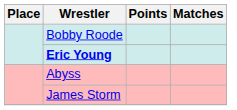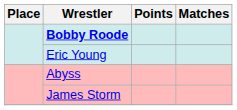 <table class="wikitable sortable">
 <tr>
 <th>Place</th>
 <th>Wrestler</th>
 <th>Points</th>
 <th>Matches</th>
 </tr>
 <tr bgcolor="#cfecec">
 <td rowspan=2></td>
-<td><a href='#'>Bobby Roode</a></td>
+<td><strong><a href='#'>Bobby Roode</a></strong></td>
 <td></td>
 <td></td>
 </tr>
 <tr bgcolor="#cfecec">
-<td><strong><a href='#'>Eric Young</a></strong></td>
+<td><a href='#'>Eric Young</a></td>
 <td></td>
 <td></td>
 </tr>
 <tr bgcolor="#ffbbbb">
 <td rowspan=2></td>
 <td><a href='#'>Abyss</a></td>
 <td></td>
 <td></td>
 </tr>
 <tr bgcolor="#ffbbbb">
 <td><a href='#'>James Storm</a></td>
 <td></td>
 <td></td>
 </tr>
 <tr Trevor lee 3 3>
 </tr>
 </table>
